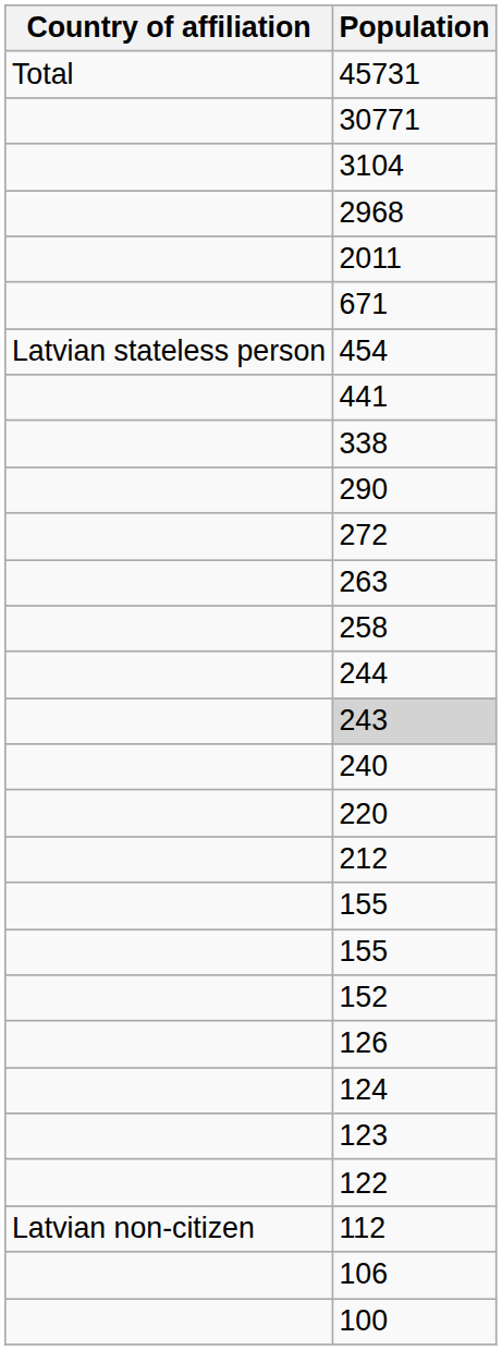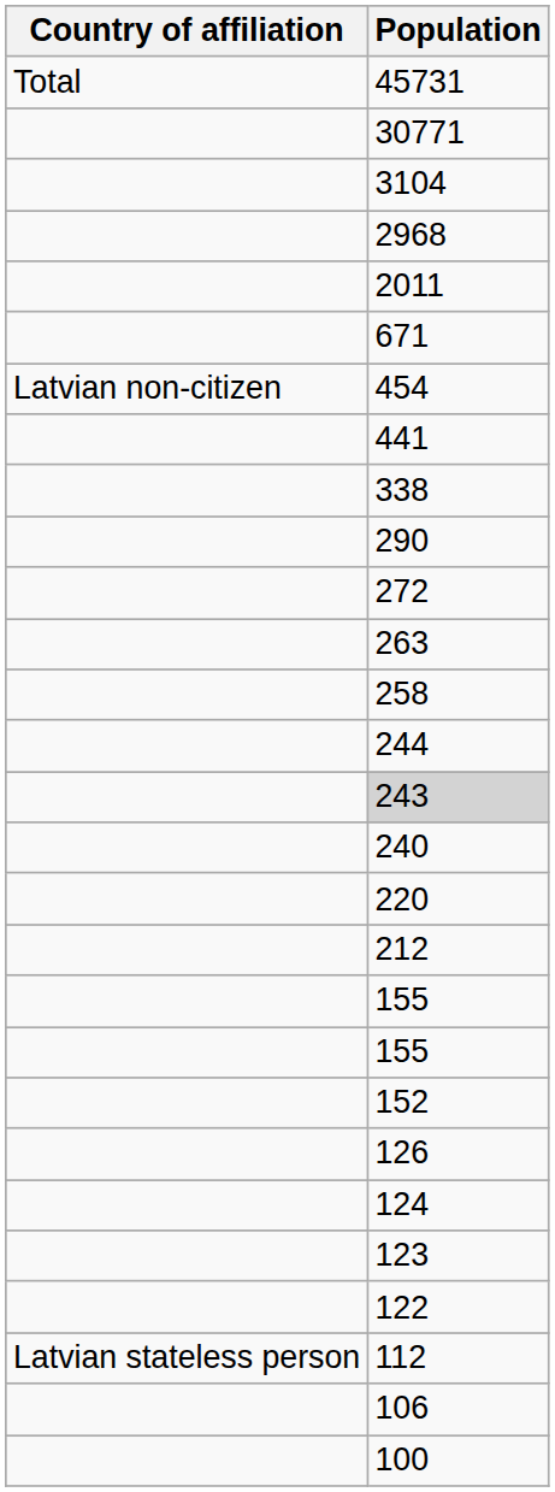 <table class="wikitable">
 <tr>
 <th>Country of affiliation</th>
 <th>Population</th>
 </tr>
 <tr>
 <td>Total</td>
 <td>45731</td>
 </tr>
 <tr>
 <td></td>
 <td>30771</td>
 </tr>
 <tr>
 <td></td>
 <td>3104</td>
 </tr>
 <tr>
 <td></td>
 <td>2968</td>
 </tr>
 <tr>
 <td></td>
 <td>2011</td>
 </tr>
 <tr>
 <td></td>
 <td>671</td>
 </tr>
 <tr>
-<td>Latvian stateless person</td>
+<td>Latvian non-citizen</td>
 <td>454</td>
 </tr>
 <tr>
 <td></td>
 <td>441</td>
 </tr>
 <tr>
 <td></td>
 <td>338</td>
 </tr>
 <tr>
 <td></td>
 <td>290</td>
 </tr>
 <tr>
 <td></td>
 <td>272</td>
 </tr>
 <tr>
 <td></td>
 <td>263</td>
 </tr>
 <tr>
 <td></td>
 <td>258</td>
 </tr>
 <tr>
 <td></td>
 <td>244</td>
 </tr>
 <tr>
 <td></td>
 <td style="background: lightgrey;">243</td>
 </tr>
 <tr>
 <td></td>
 <td>240</td>
 </tr>
 <tr>
 <td></td>
 <td>220</td>
 </tr>
 <tr>
 <td></td>
 <td>212</td>
 </tr>
 <tr>
 <td></td>
 <td>155</td>
 </tr>
 <tr>
 <td></td>
 <td>155</td>
 </tr>
 <tr>
 <td></td>
 <td>152</td>
 </tr>
 <tr>
 <td></td>
 <td>126</td>
 </tr>
 <tr>
 <td></td>
 <td>124</td>
 </tr>
 <tr>
 <td></td>
 <td>123</td>
 </tr>
 <tr>
 <td></td>
 <td>122</td>
 </tr>
 <tr>
-<td>Latvian non-citizen</td>
+<td>Latvian stateless person</td>
 <td>112</td>
 </tr>
 <tr>
 <td></td>
 <td>106</td>
 </tr>
 <tr>
 <td></td>
 <td>100</td>
 </tr>
 </table>
